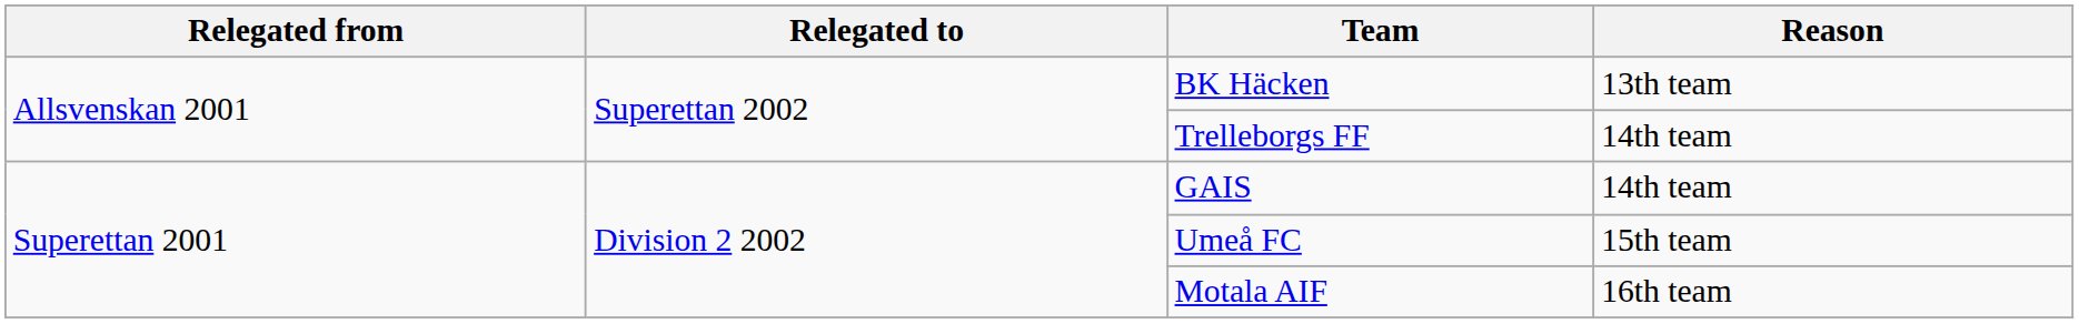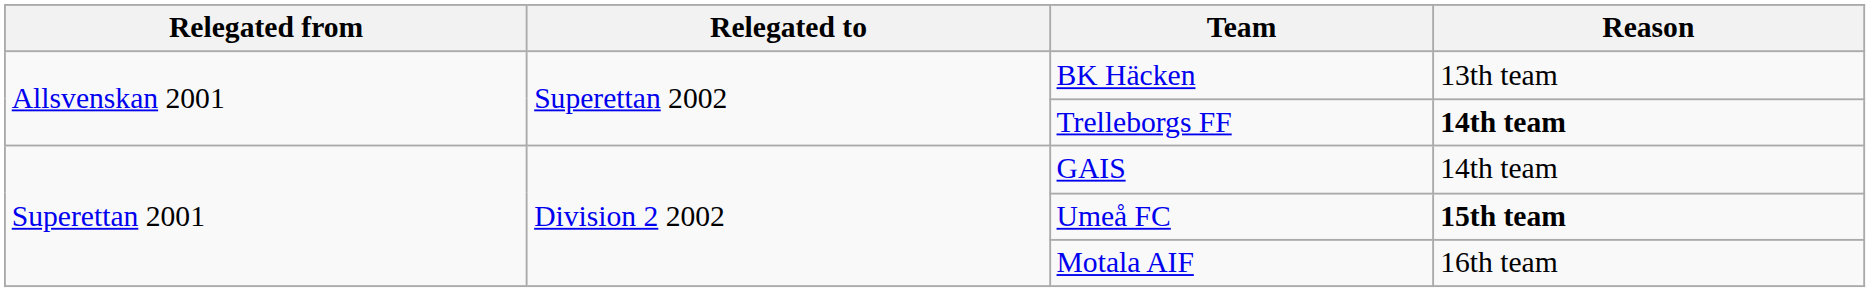 <table class="wikitable" style="text-align: left;">
 <tr>
 <th style="width: 275px;">Relegated from</th>
 <th style="width: 275px;">Relegated to</th>
 <th style="width: 200px;">Team</th>
 <th style="width: 225px;">Reason</th>
 </tr>
 <tr>
 <td rowspan=2><a href='#'>Allsvenskan</a> 2001</td>
 <td rowspan=2><a href='#'>Superettan</a> 2002</td>
 <td><a href='#'>BK Häcken</a></td>
 <td>13th team</td>
 </tr>
 <tr>
 <td><a href='#'>Trelleborgs FF</a></td>
-<td>14th team</td>
+<td><strong>14th team</strong></td>
 </tr>
 <tr>
 <td rowspan=3><a href='#'>Superettan</a> 2001</td>
 <td rowspan=3><a href='#'>Division 2</a> 2002</td>
 <td><a href='#'>GAIS</a></td>
 <td>14th team</td>
 </tr>
 <tr>
 <td><a href='#'>Umeå FC</a></td>
-<td>15th team</td>
+<td><strong>15th team</strong></td>
 </tr>
 <tr>
 <td><a href='#'>Motala AIF</a></td>
 <td>16th team</td>
 </tr>
 </table>
